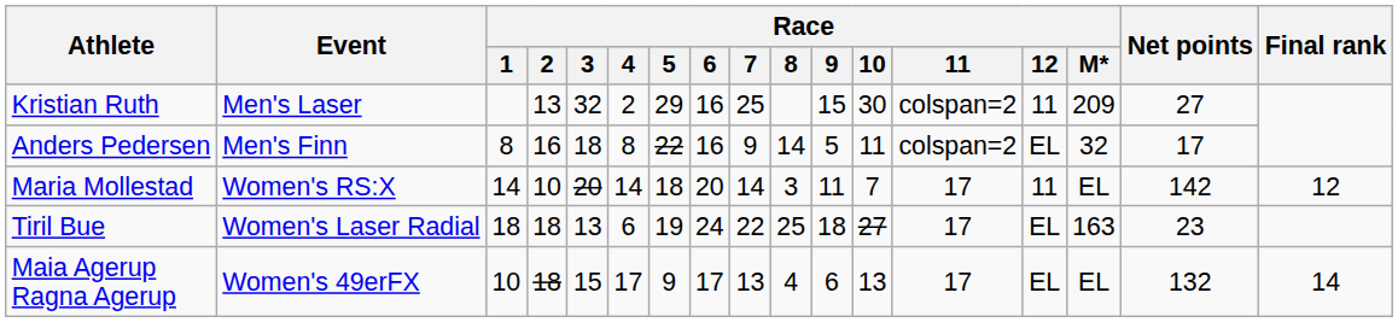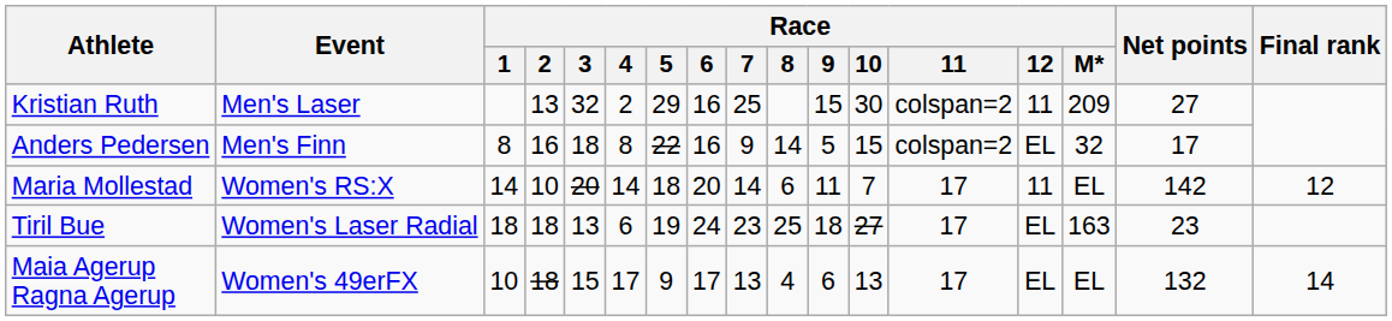 <table class="wikitable" style="font-size:90%">
 <tr>
 <th rowspan="2">Athlete</th>
 <th rowspan="2">Event</th>
 <th colspan=13>Race</th>
 <th rowspan=2>Net points</th>
 <th rowspan=2>Final rank</th>
 </tr>
 <tr style="font-size:95%">
 <th>1</th>
 <th>2</th>
 <th>3</th>
 <th>4</th>
 <th>5</th>
 <th>6</th>
 <th>7</th>
 <th>8</th>
 <th>9</th>
 <th>10</th>
 <th>11</th>
 <th>12</th>
 <th>M*</th>
 </tr>
 <tr align=center>
 <td align=left><a href='#'>Kristian Ruth</a></td>
 <td align=left><a href='#'>Men's Laser</a></td>
 <td><s></s></td>
 <td>13</td>
 <td>32</td>
 <td>2</td>
 <td>29</td>
 <td>16</td>
 <td>25</td>
 <td></td>
 <td>15</td>
 <td>30</td>
 <td>colspan=2 </td>
 <td>11</td>
 <td>209</td>
 <td>27</td>
 </tr>
 <tr align=center>
 <td align=left><a href='#'>Anders Pedersen</a></td>
 <td align=left><a href='#'>Men's Finn</a></td>
 <td>8</td>
 <td>16</td>
 <td>18</td>
 <td>8</td>
 <td><s>22</s></td>
 <td>16</td>
 <td>9</td>
 <td>14</td>
 <td>5</td>
-<td>11</td>
+<td>15</td>
 <td>colspan=2 </td>
 <td>EL</td>
 <td>32</td>
 <td>17</td>
 </tr>
 <tr align=center>
 <td align=left><a href='#'>Maria Mollestad</a></td>
 <td align=left><a href='#'>Women's RS:X</a></td>
 <td>14</td>
 <td>10</td>
 <td><s>20</s></td>
 <td>14</td>
 <td>18</td>
 <td>20</td>
 <td>14</td>
-<td>3</td>
+<td>6</td>
 <td>11</td>
 <td>7</td>
 <td>17</td>
 <td>11</td>
 <td>EL</td>
 <td>142</td>
 <td>12</td>
 </tr>
 <tr align=center>
 <td align=left><a href='#'>Tiril Bue</a></td>
 <td align=left><a href='#'>Women's Laser Radial</a></td>
 <td>18</td>
 <td>18</td>
 <td>13</td>
 <td>6</td>
 <td>19</td>
 <td>24</td>
-<td>22</td>
+<td>23</td>
 <td>25</td>
 <td>18</td>
 <td><s>27</s></td>
 <td>17</td>
 <td>EL</td>
 <td>163</td>
 <td>23</td>
 </tr>
 <tr align=center>
 <td align=left><a href='#'>Maia Agerup</a><br><a href='#'>Ragna Agerup</a></td>
 <td align=left><a href='#'>Women's 49erFX</a></td>
 <td>10</td>
 <td><s>18</s></td>
 <td>15</td>
 <td>17</td>
 <td>9</td>
 <td>17</td>
 <td>13</td>
 <td>4</td>
 <td>6</td>
 <td>13</td>
 <td>17</td>
 <td>EL</td>
 <td>EL</td>
 <td>132</td>
 <td>14</td>
 </tr>
 </table>
